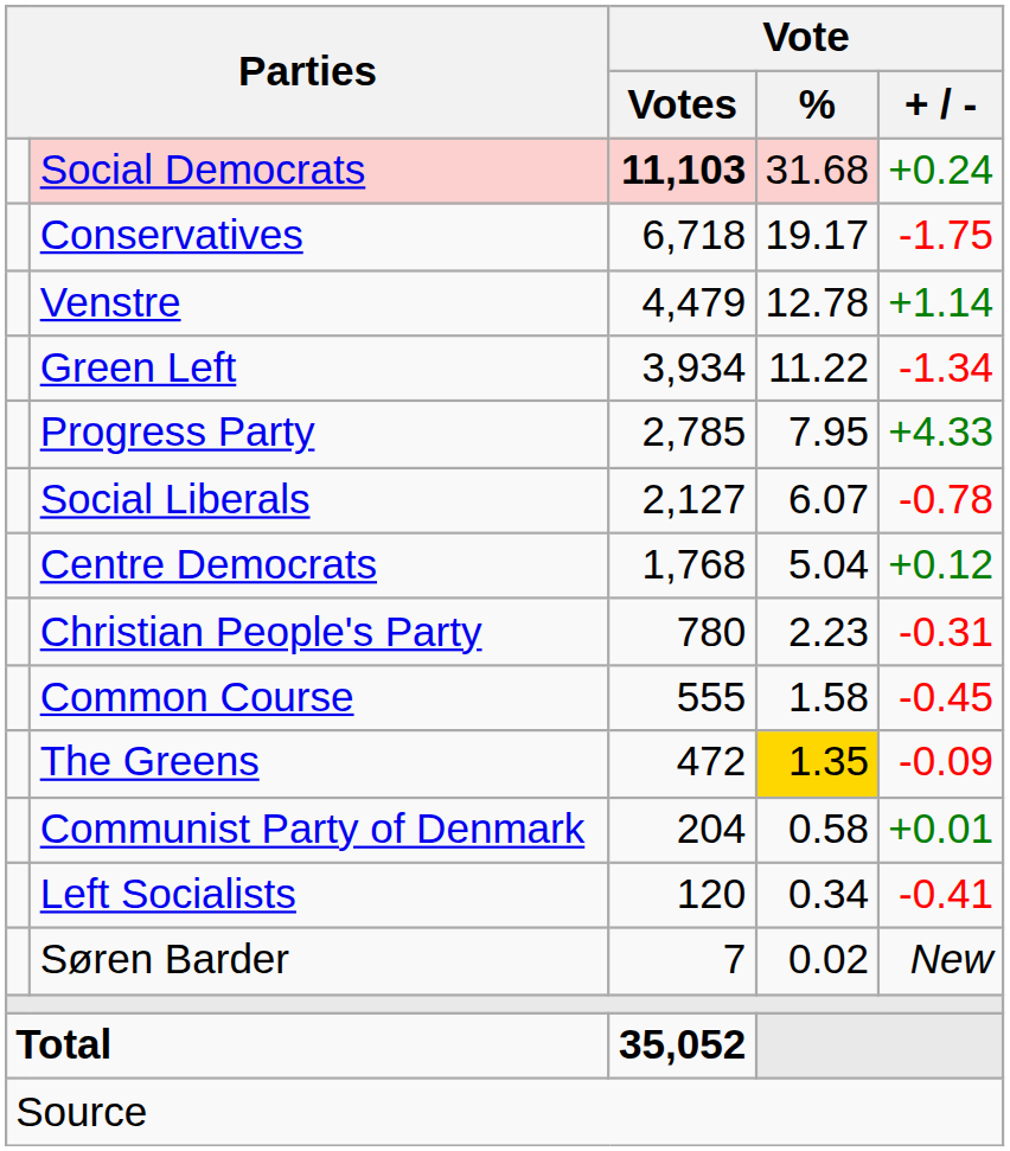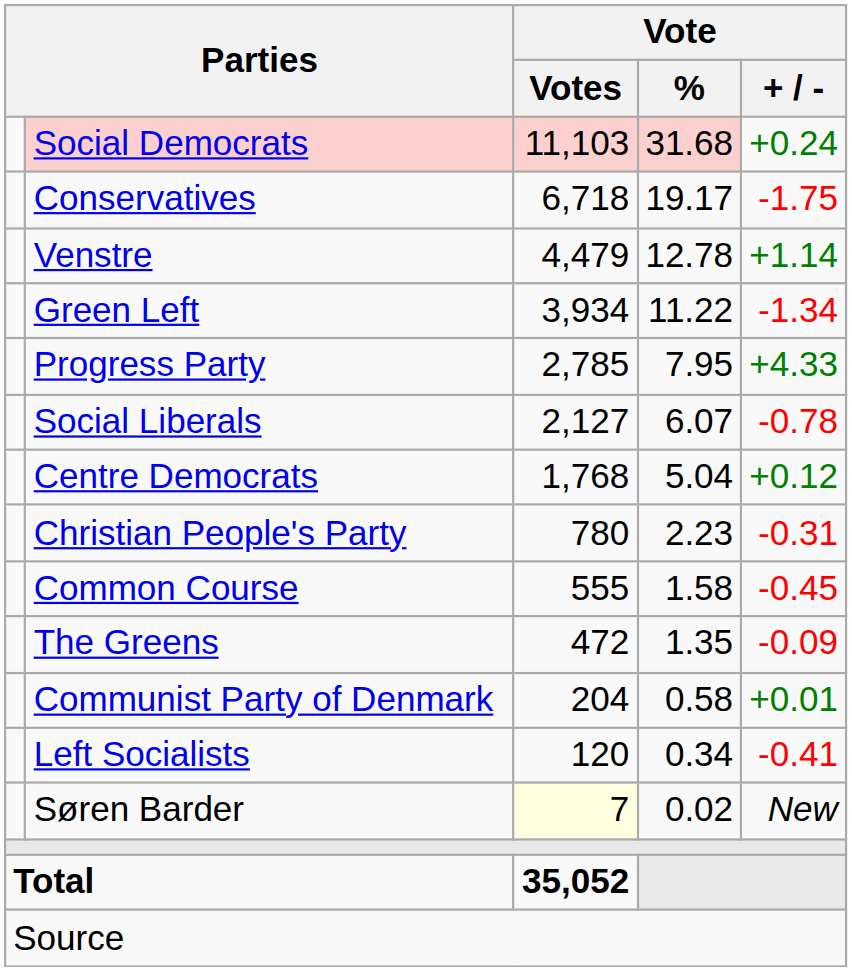 <table class="wikitable" style="text-align:right;">
 <tr>
 <th style="text-align:centre;" rowspan="2" colspan="2" width="225">Parties</th>
 <th colspan="3">Vote</th>
 </tr>
 <tr>
 <th width="15">Votes</th>
 <th width="15">%</th>
 <th width="15">+ / -</th>
 </tr>
 <tr>
 <td width="2" style="color:inherit;background:"></td>
 <td bgcolor=#fbd0ce  align="left"><a href='#'>Social Democrats</a></td>
-<td bgcolor=#fbd0ce><strong>11,103</strong></td>
+<td bgcolor=#fbd0ce>11,103</td>
 <td bgcolor=#fbd0ce>31.68</td>
 <td style=color:green;>+0.24</td>
 </tr>
 <tr>
 <td width="2" style="color:inherit;background:"></td>
 <td align="left"><a href='#'>Conservatives</a></td>
 <td>6,718</td>
 <td>19.17</td>
 <td style=color:red;>-1.75</td>
 </tr>
 <tr>
 <td width="2" style="color:inherit;background:"></td>
 <td align="left"><a href='#'>Venstre</a></td>
 <td>4,479</td>
 <td>12.78</td>
 <td style=color:green;>+1.14</td>
 </tr>
 <tr>
 <td width="2" style="color:inherit;background:"></td>
 <td align="left"><a href='#'>Green Left</a></td>
 <td>3,934</td>
 <td>11.22</td>
 <td style=color:red;>-1.34</td>
 </tr>
 <tr>
 <td width="2" style="color:inherit;background:"></td>
 <td align="left"><a href='#'>Progress Party</a></td>
 <td>2,785</td>
 <td>7.95</td>
 <td style=color:green;>+4.33</td>
 </tr>
 <tr>
 <td width="2" style="color:inherit;background:"></td>
 <td align="left"><a href='#'>Social Liberals</a></td>
 <td>2,127</td>
 <td>6.07</td>
 <td style=color:red;>-0.78</td>
 </tr>
 <tr>
 <td width="2" style="color:inherit;background:"></td>
 <td align="left"><a href='#'>Centre Democrats</a></td>
 <td>1,768</td>
 <td>5.04</td>
 <td style=color:green;>+0.12</td>
 </tr>
 <tr>
 <td width="2" style="color:inherit;background:"></td>
 <td align="left"><a href='#'>Christian People's Party</a></td>
 <td>780</td>
 <td>2.23</td>
 <td style=color:red;>-0.31</td>
 </tr>
 <tr>
 <td width="2" style="color:inherit;background:"></td>
 <td align="left"><a href='#'>Common Course</a></td>
 <td>555</td>
 <td>1.58</td>
 <td style=color:red;>-0.45</td>
 </tr>
 <tr>
 <td width="2" style="color:inherit;background:"></td>
 <td align="left"><a href='#'>The Greens</a></td>
 <td>472</td>
-<td style="background: gold;">1.35</td>
+<td>1.35</td>
 <td style=color:red;>-0.09</td>
 </tr>
 <tr>
 <td width="2" style="color:inherit;background:"></td>
 <td align="left"><a href='#'>Communist Party of Denmark</a></td>
 <td>204</td>
 <td>0.58</td>
 <td style=color:green;>+0.01</td>
 </tr>
 <tr>
 <td width="2" style="color:inherit;background:"></td>
 <td align="left"><a href='#'>Left Socialists</a></td>
 <td>120</td>
 <td>0.34</td>
 <td style=color:red;>-0.41</td>
 </tr>
 <tr>
 <td width="2" style="color:inherit;background:"></td>
 <td align="left">Søren Barder</td>
-<td>7</td>
+<td style="background: lightyellow;">7</td>
 <td>0.02</td>
 <td><em>New</em></td>
 </tr>
 <tr>
 <td colspan="7" bgcolor="#E9E9E9"></td>
 </tr>
 <tr>
 <td align="left" colspan="2"><strong>Total</strong></td>
 <td><strong>35,052</strong></td>
 <td bgcolor="#E9E9E9" colspan="2"></td>
 </tr>
 <tr>
 <td align="left" colspan="6">Source</td>
 </tr>
 </table>
